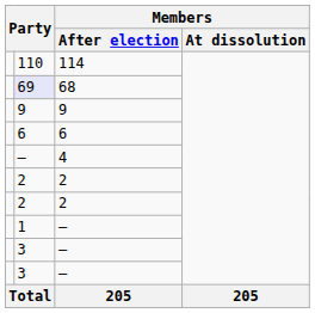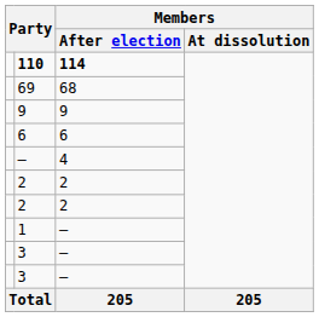 <table class="wikitable">
 <tr>
 <th colspan="2" rowspan="2">Party</th>
 <th colspan="2">Members</th>
 </tr>
 <tr>
 <th>After <a href='#'>election</a></th>
 <th>At dissolution</th>
 </tr>
 <tr>
 <td></td>
-<td>110</td>
-<td>114</td>
+<td><strong>110</strong></td>
+<td><strong>114</strong></td>
 </tr>
 <tr>
 <td></td>
-<td style="background: lavender;">69</td>
+<td>69</td>
 <td>68</td>
 </tr>
 <tr>
 <td></td>
 <td>9</td>
 <td>9</td>
 </tr>
 <tr>
 <td></td>
 <td>6</td>
 <td>6</td>
 </tr>
 <tr>
 <td></td>
 <td>—</td>
 <td>4</td>
 </tr>
 <tr>
 <td></td>
 <td>2</td>
 <td>2</td>
 </tr>
 <tr>
 <td></td>
 <td>2</td>
 <td>2</td>
 </tr>
 <tr>
 <td></td>
 <td>1</td>
 <td>—</td>
 </tr>
 <tr>
 <td></td>
 <td>3</td>
 <td>—</td>
 </tr>
 <tr>
 <td></td>
 <td>3</td>
 <td>—</td>
 </tr>
 <tr>
 <th colspan="2">Total</th>
 <th>205</th>
 <th>205</th>
 </tr>
 </table>
